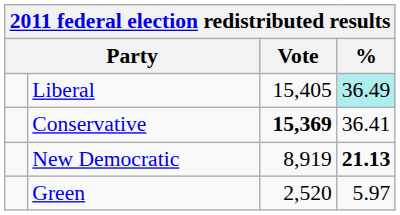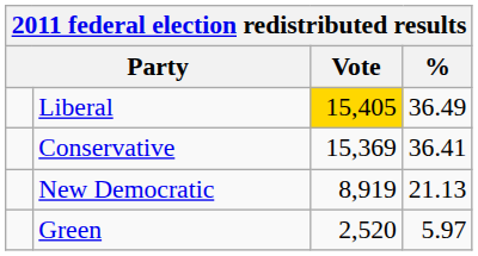 <table class="wikitable">
 <tr>
 <th colspan="4"><a href='#'>2011 federal election</a> redistributed results</th>
 </tr>
 <tr>
 <th bgcolor="#DDDDFF" width="130px" colspan="2">Party</th>
 <th bgcolor="#DDDDFF" width="50px">Vote</th>
 <th bgcolor="#DDDDFF" width="30px">%</th>
 </tr>
 <tr>
 <td> </td>
 <td><a href='#'>Liberal</a></td>
-<td align=right>15,405</td>
-<td align=right style="background: paleturquoise;">36.49</td>
+<td align=right style="background: gold;">15,405</td>
+<td align=right>36.49</td>
 </tr>
 <tr>
 <td> </td>
 <td><a href='#'>Conservative</a></td>
-<td align=right><strong>15,369</strong></td>
+<td align=right>15,369</td>
 <td align=right>36.41</td>
 </tr>
 <tr>
 <td> </td>
 <td><a href='#'>New Democratic</a></td>
 <td align=right>8,919</td>
-<td align=right><strong>21.13</strong></td>
+<td align=right>21.13</td>
 </tr>
 <tr>
 <td> </td>
 <td><a href='#'>Green</a></td>
 <td align=right>2,520</td>
 <td align=right>5.97</td>
 </tr>
 </table>
